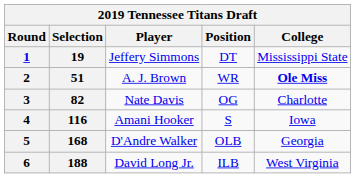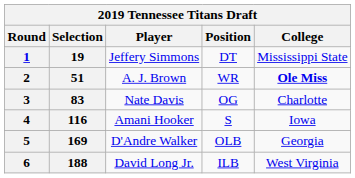 <table class="wikitable" style="text-align:center">
 <tr>
 <th colspan=5>2019 Tennessee Titans Draft</th>
 </tr>
 <tr>
 <th>Round</th>
 <th>Selection</th>
 <th>Player</th>
 <th>Position</th>
 <th>College</th>
 </tr>
 <tr>
 <th><a href='#'>1</a></th>
 <th>19</th>
 <td><a href='#'>Jeffery Simmons</a></td>
 <td><a href='#'>DT</a></td>
 <td><a href='#'>Mississippi State</a></td>
 </tr>
 <tr>
 <th>2</th>
 <th>51</th>
 <td><a href='#'>A. J. Brown</a></td>
 <td><a href='#'>WR</a></td>
 <td><strong><a href='#'>Ole Miss</a></strong></td>
 </tr>
 <tr>
 <th>3</th>
-<th>82</th>
+<th>83</th>
 <td><a href='#'>Nate Davis</a></td>
 <td><a href='#'>OG</a></td>
 <td><a href='#'>Charlotte</a></td>
 </tr>
 <tr>
 <th>4</th>
 <th>116</th>
 <td><a href='#'>Amani Hooker</a></td>
 <td><a href='#'>S</a></td>
 <td><a href='#'>Iowa</a></td>
 </tr>
 <tr>
 <th>5</th>
-<th>168</th>
+<th>169</th>
 <td><a href='#'>D'Andre Walker</a></td>
 <td><a href='#'>OLB</a></td>
 <td><a href='#'>Georgia</a></td>
 </tr>
 <tr>
 <th>6</th>
 <th>188</th>
 <td><a href='#'>David Long Jr.</a></td>
 <td><a href='#'>ILB</a></td>
 <td><a href='#'>West Virginia</a></td>
 </tr>
 </table>
